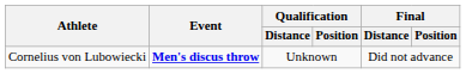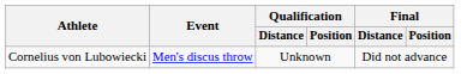 <table class=wikitable style=font-size:90%;text-align:center>
 <tr>
 <th rowspan=2>Athlete</th>
 <th rowspan=2>Event</th>
 <th colspan=2>Qualification</th>
 <th colspan=2>Final</th>
 </tr>
 <tr style=font-size:95%>
 <th>Distance</th>
 <th>Position</th>
 <th>Distance</th>
 <th>Position</th>
 </tr>
 <tr>
 <td align=left>Cornelius von Lubowiecki</td>
-<td align=left><strong><a href='#'>Men's discus throw</a></strong></td>
+<td align=left><a href='#'>Men's discus throw</a></td>
 <td colspan=2>Unknown</td>
 <td colspan=2>Did not advance</td>
 </tr>
 </table>
